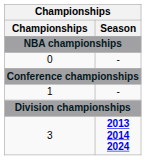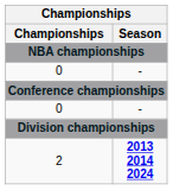 <table class="wikitable" style="text-align:center">
 <tr>
 <th colspan="2">Championships</th>
 </tr>
 <tr>
 <th>Championships</th>
 <th>Season</th>
 </tr>
 <tr>
 <th colspan="2" style="text-align:center; background:#A1A1A4; color:#061922;">NBA championships</th>
 </tr>
 <tr>
 <td>0</td>
 <td>-</td>
 </tr>
 <tr>
 <th colspan="2" style="text-align:center; background:#A1A1A4; color:#061922;">Conference championships</th>
 </tr>
 <tr>
-<td>1</td>
+<td>0</td>
 <td>-</td>
 </tr>
 <tr>
 <th colspan="2" style="text-align:center; background:#A1A1A4; color:#061922;">Division championships</th>
 </tr>
 <tr>
-<td>3</td>
+<td>2</td>
 <td><strong><a href='#'>2013</a><br><a href='#'>2014</a><br><a href='#'>2024</a></strong></td>
 </tr>
 </table>
